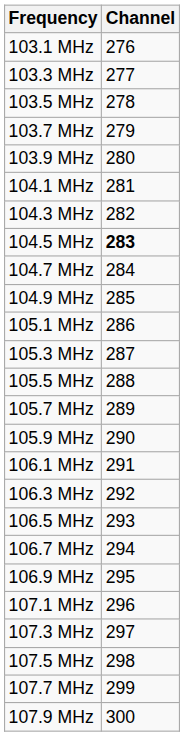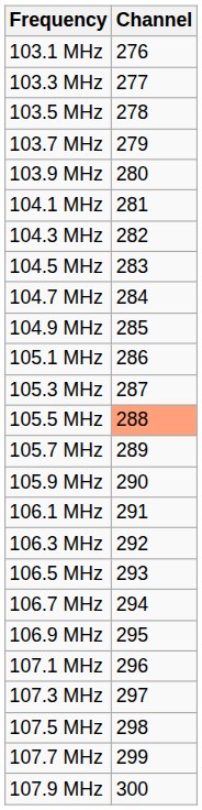 <table class="wikitable" style="display:inline-table">
 <tr>
 <th>Frequency</th>
 <th>Channel</th>
 </tr>
 <tr>
 <td>103.1 MHz</td>
 <td>276</td>
 </tr>
 <tr>
 <td>103.3 MHz</td>
 <td>277</td>
 </tr>
 <tr>
 <td>103.5 MHz</td>
 <td>278</td>
 </tr>
 <tr>
 <td>103.7 MHz</td>
 <td>279</td>
 </tr>
 <tr>
 <td>103.9 MHz</td>
 <td>280</td>
 </tr>
 <tr>
 <td>104.1 MHz</td>
 <td>281</td>
 </tr>
 <tr>
 <td>104.3 MHz</td>
 <td>282</td>
 </tr>
 <tr>
 <td>104.5 MHz</td>
-<td><strong>283</strong></td>
+<td>283</td>
 </tr>
 <tr>
 <td>104.7 MHz</td>
 <td>284</td>
 </tr>
 <tr>
 <td>104.9 MHz</td>
 <td>285</td>
 </tr>
 <tr>
 <td>105.1 MHz</td>
 <td>286</td>
 </tr>
 <tr>
 <td>105.3 MHz</td>
 <td>287</td>
 </tr>
 <tr>
 <td>105.5 MHz</td>
-<td>288</td>
+<td style="background: lightsalmon;">288</td>
 </tr>
 <tr>
 <td>105.7 MHz</td>
 <td>289</td>
 </tr>
 <tr>
 <td>105.9 MHz</td>
 <td>290</td>
 </tr>
 <tr>
 <td>106.1 MHz</td>
 <td>291</td>
 </tr>
 <tr>
 <td>106.3 MHz</td>
 <td>292</td>
 </tr>
 <tr>
 <td>106.5 MHz</td>
 <td>293</td>
 </tr>
 <tr>
 <td>106.7 MHz</td>
 <td>294</td>
 </tr>
 <tr>
 <td>106.9 MHz</td>
 <td>295</td>
 </tr>
 <tr>
 <td>107.1 MHz</td>
 <td>296</td>
 </tr>
 <tr>
 <td>107.3 MHz</td>
 <td>297</td>
 </tr>
 <tr>
 <td>107.5 MHz</td>
 <td>298</td>
 </tr>
 <tr>
 <td>107.7 MHz</td>
 <td>299</td>
 </tr>
 <tr>
 <td>107.9 MHz</td>
 <td>300</td>
 </tr>
 </table>
